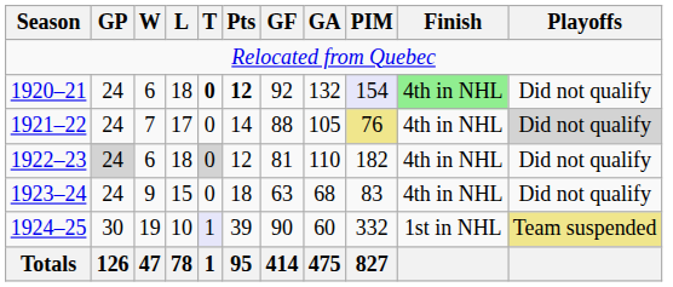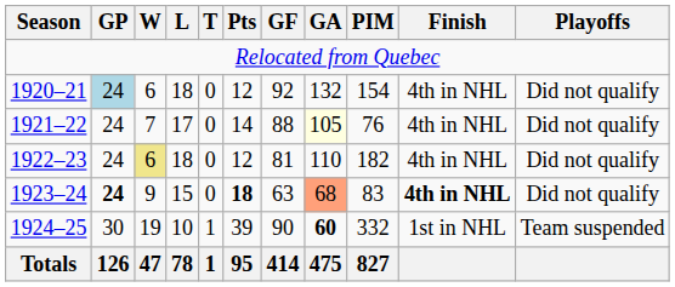 <table class="wikitable" style="text-align:center">
 <tr>
 <th>Season</th>
 <th>GP</th>
 <th>W</th>
 <th>L</th>
 <th>T</th>
 <th>Pts</th>
 <th>GF</th>
 <th>GA</th>
 <th>PIM</th>
 <th>Finish</th>
 <th>Playoffs</th>
 </tr>
 <tr>
 <td colspan="11" align="center"><em><a href='#'>Relocated from Quebec</a></em></td>
 </tr>
 <tr>
 <td><a href='#'>1920–21</a></td>
-<td>24</td>
+<td style="background: lightblue;">24</td>
 <td>6</td>
 <td>18</td>
-<td><strong>0</strong></td>
-<td><strong>12</strong></td>
+<td>0</td>
+<td>12</td>
 <td>92</td>
 <td>132</td>
-<td style="background: lavender;">154</td>
-<td style="background: lightgreen;">4th in NHL</td>
+<td>154</td>
+<td>4th in NHL</td>
 <td>Did not qualify</td>
 </tr>
 <tr>
 <td><a href='#'>1921–22</a></td>
 <td>24</td>
 <td>7</td>
 <td>17</td>
 <td>0</td>
 <td>14</td>
 <td>88</td>
-<td>105</td>
-<td style="background: khaki;">76</td>
+<td style="background: lightyellow;">105</td>
+<td>76</td>
 <td>4th in NHL</td>
-<td style="background: lightgrey;">Did not qualify</td>
+<td>Did not qualify</td>
 </tr>
 <tr>
 <td><a href='#'>1922–23</a></td>
-<td style="background: lightgrey;">24</td>
-<td>6</td>
+<td>24</td>
+<td style="background: khaki;">6</td>
 <td>18</td>
-<td style="background: lightgrey;">0</td>
+<td>0</td>
 <td>12</td>
 <td>81</td>
 <td>110</td>
 <td>182</td>
 <td>4th in NHL</td>
 <td>Did not qualify</td>
 </tr>
 <tr>
 <td><a href='#'>1923–24</a></td>
-<td>24</td>
+<td><strong>24</strong></td>
 <td>9</td>
 <td>15</td>
 <td>0</td>
-<td>18</td>
+<td><strong>18</strong></td>
 <td>63</td>
-<td>68</td>
+<td style="background: lightsalmon;">68</td>
 <td>83</td>
-<td>4th in NHL</td>
+<td><strong>4th in NHL</strong></td>
 <td>Did not qualify</td>
 </tr>
 <tr>
 <td><a href='#'>1924–25</a></td>
 <td>30</td>
 <td>19</td>
 <td>10</td>
-<td style="background: lavender;">1</td>
+<td>1</td>
 <td>39</td>
 <td>90</td>
-<td>60</td>
+<td><strong>60</strong></td>
 <td>332</td>
 <td>1st in NHL</td>
-<td style="background: khaki;">Team suspended</td>
+<td>Team suspended</td>
 </tr>
 <tr>
 <th>Totals</th>
 <th>126</th>
 <th>47</th>
 <th>78</th>
 <th>1</th>
 <th>95</th>
 <th>414</th>
 <th>475</th>
 <th>827</th>
 <th></th>
 <th></th>
 </tr>
 </table>
